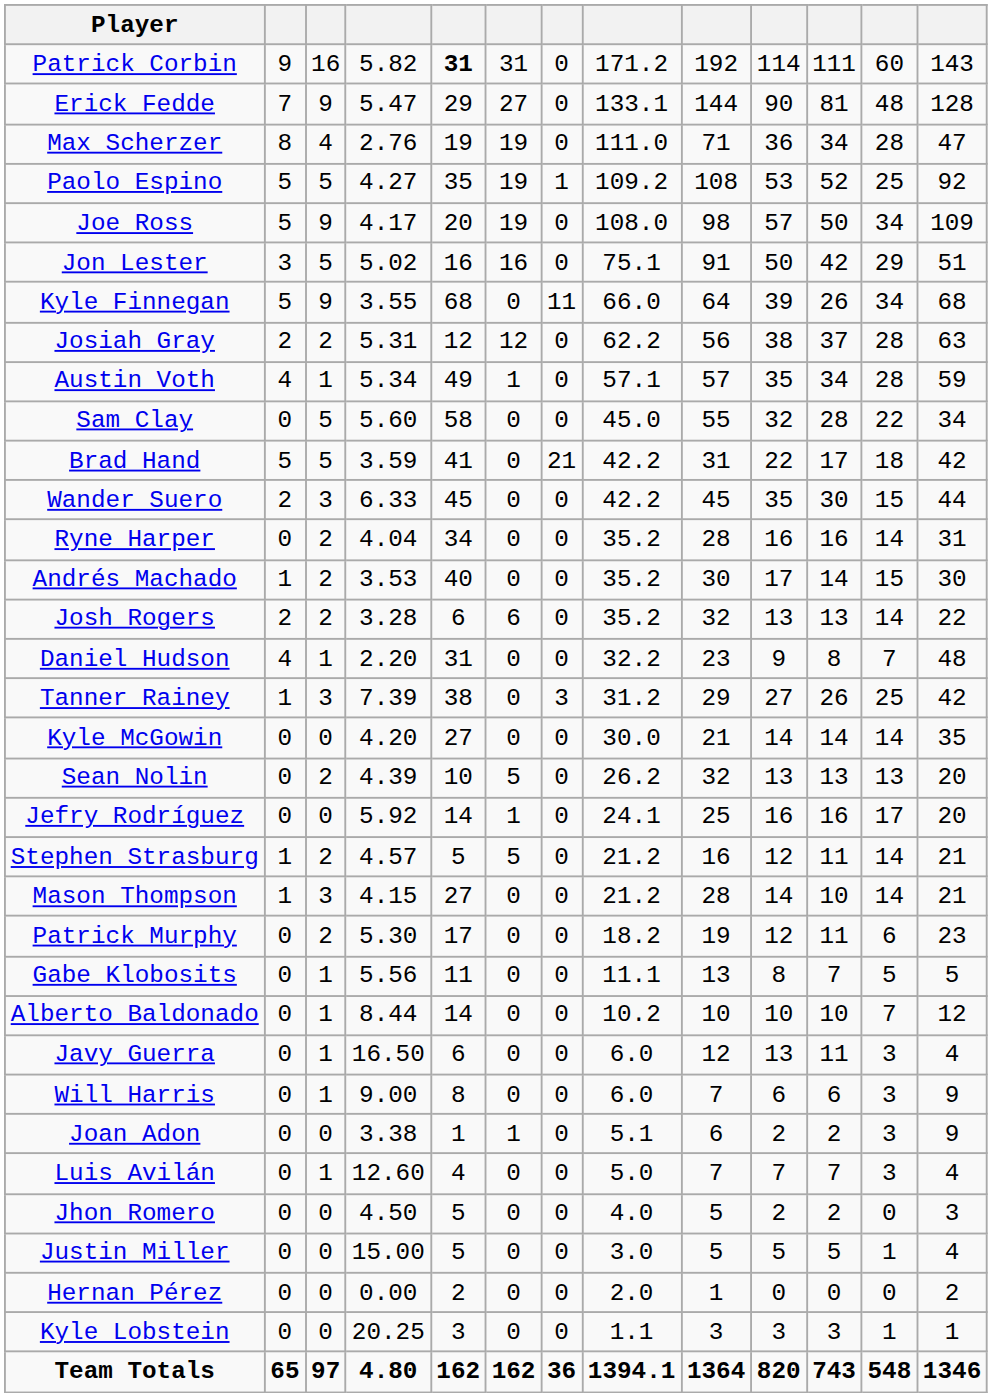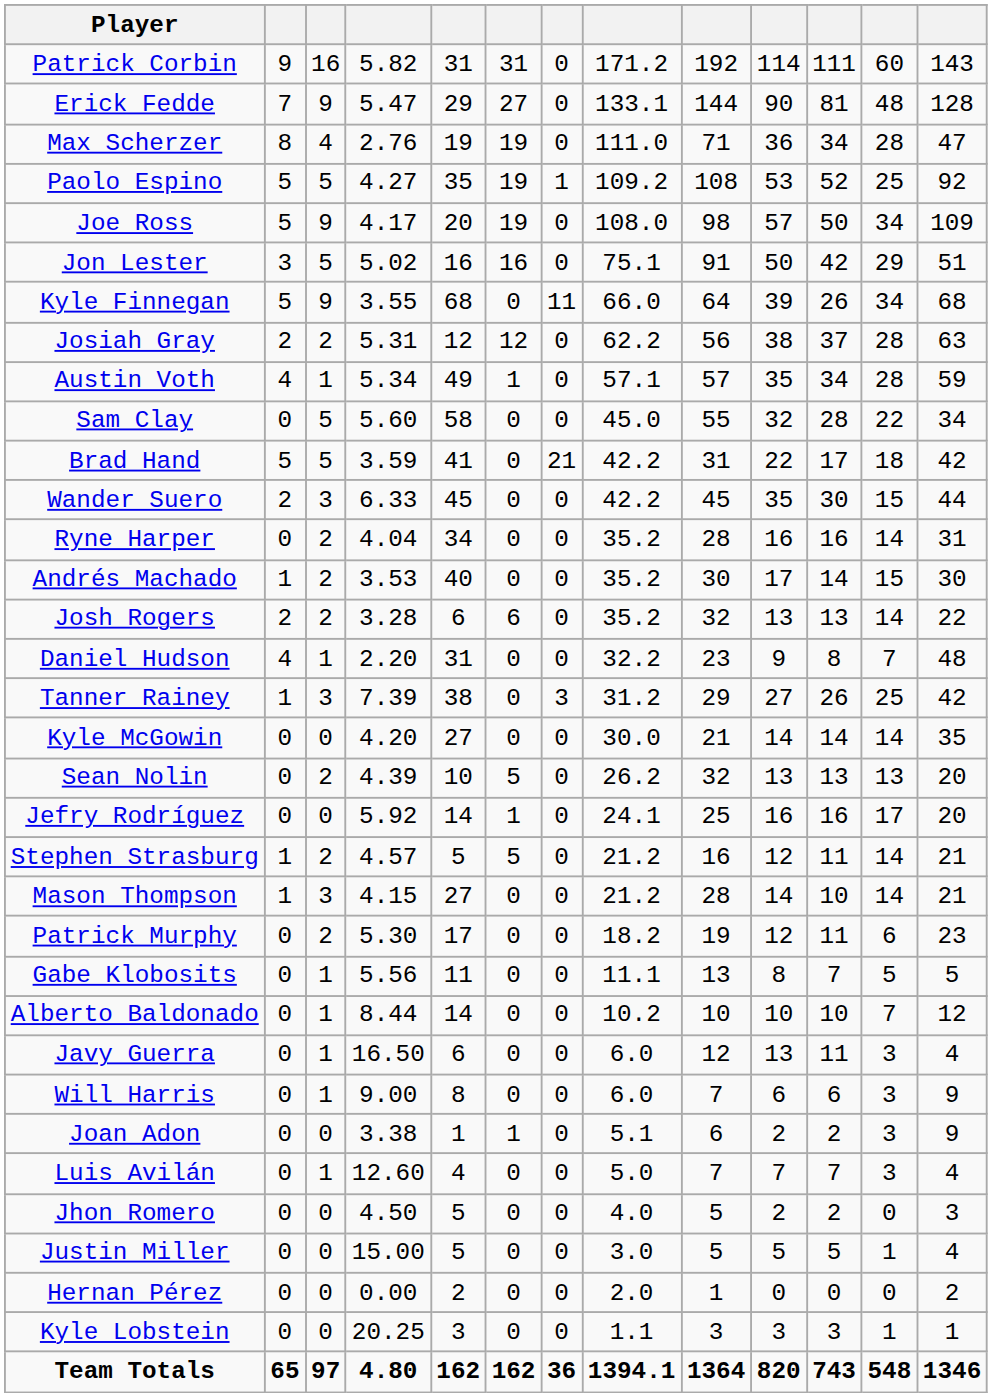 <table class="wikitable sortable" style="text-align:center;">
 <tr>
 <th>Player</th>
 <th></th>
 <th></th>
 <th></th>
 <th></th>
 <th></th>
 <th></th>
 <th></th>
 <th></th>
 <th></th>
 <th></th>
 <th></th>
 <th></th>
 </tr>
 <tr>
 <td><a href='#'>Patrick Corbin</a></td>
 <td>9</td>
 <td>16</td>
 <td>5.82</td>
-<td><strong>31</strong></td>
+<td>31</td>
 <td>31</td>
 <td>0</td>
 <td>171.2</td>
 <td>192</td>
 <td>114</td>
 <td>111</td>
 <td>60</td>
 <td>143</td>
 </tr>
 <tr>
 <td><a href='#'>Erick Fedde</a></td>
 <td>7</td>
 <td>9</td>
 <td>5.47</td>
 <td>29</td>
 <td>27</td>
 <td>0</td>
 <td>133.1</td>
 <td>144</td>
 <td>90</td>
 <td>81</td>
 <td>48</td>
 <td>128</td>
 </tr>
 <tr>
 <td><a href='#'>Max Scherzer</a></td>
 <td>8</td>
 <td>4</td>
 <td>2.76</td>
 <td>19</td>
 <td>19</td>
 <td>0</td>
 <td>111.0</td>
 <td>71</td>
 <td>36</td>
 <td>34</td>
 <td>28</td>
 <td>47</td>
 </tr>
 <tr>
 <td><a href='#'>Paolo Espino</a></td>
 <td>5</td>
 <td>5</td>
 <td>4.27</td>
 <td>35</td>
 <td>19</td>
 <td>1</td>
 <td>109.2</td>
 <td>108</td>
 <td>53</td>
 <td>52</td>
 <td>25</td>
 <td>92</td>
 </tr>
 <tr>
 <td><a href='#'>Joe Ross</a></td>
 <td>5</td>
 <td>9</td>
 <td>4.17</td>
 <td>20</td>
 <td>19</td>
 <td>0</td>
 <td>108.0</td>
 <td>98</td>
 <td>57</td>
 <td>50</td>
 <td>34</td>
 <td>109</td>
 </tr>
 <tr>
 <td><a href='#'>Jon Lester</a></td>
 <td>3</td>
 <td>5</td>
 <td>5.02</td>
 <td>16</td>
 <td>16</td>
 <td>0</td>
 <td>75.1</td>
 <td>91</td>
 <td>50</td>
 <td>42</td>
 <td>29</td>
 <td>51</td>
 </tr>
 <tr>
 <td><a href='#'>Kyle Finnegan</a></td>
 <td>5</td>
 <td>9</td>
 <td>3.55</td>
 <td>68</td>
 <td>0</td>
 <td>11</td>
 <td>66.0</td>
 <td>64</td>
 <td>39</td>
 <td>26</td>
 <td>34</td>
 <td>68</td>
 </tr>
 <tr>
 <td><a href='#'>Josiah Gray</a></td>
 <td>2</td>
 <td>2</td>
 <td>5.31</td>
 <td>12</td>
 <td>12</td>
 <td>0</td>
 <td>62.2</td>
 <td>56</td>
 <td>38</td>
 <td>37</td>
 <td>28</td>
 <td>63</td>
 </tr>
 <tr>
 <td><a href='#'>Austin Voth</a></td>
 <td>4</td>
 <td>1</td>
 <td>5.34</td>
 <td>49</td>
 <td>1</td>
 <td>0</td>
 <td>57.1</td>
 <td>57</td>
 <td>35</td>
 <td>34</td>
 <td>28</td>
 <td>59</td>
 </tr>
 <tr>
 <td><a href='#'>Sam Clay</a></td>
 <td>0</td>
 <td>5</td>
 <td>5.60</td>
 <td>58</td>
 <td>0</td>
 <td>0</td>
 <td>45.0</td>
 <td>55</td>
 <td>32</td>
 <td>28</td>
 <td>22</td>
 <td>34</td>
 </tr>
 <tr>
 <td><a href='#'>Brad Hand</a></td>
 <td>5</td>
 <td>5</td>
 <td>3.59</td>
 <td>41</td>
 <td>0</td>
 <td>21</td>
 <td>42.2</td>
 <td>31</td>
 <td>22</td>
 <td>17</td>
 <td>18</td>
 <td>42</td>
 </tr>
 <tr>
 <td><a href='#'>Wander Suero</a></td>
 <td>2</td>
 <td>3</td>
 <td>6.33</td>
 <td>45</td>
 <td>0</td>
 <td>0</td>
 <td>42.2</td>
 <td>45</td>
 <td>35</td>
 <td>30</td>
 <td>15</td>
 <td>44</td>
 </tr>
 <tr>
 <td><a href='#'>Ryne Harper</a></td>
 <td>0</td>
 <td>2</td>
 <td>4.04</td>
 <td>34</td>
 <td>0</td>
 <td>0</td>
 <td>35.2</td>
 <td>28</td>
 <td>16</td>
 <td>16</td>
 <td>14</td>
 <td>31</td>
 </tr>
 <tr>
 <td><a href='#'>Andrés Machado</a></td>
 <td>1</td>
 <td>2</td>
 <td>3.53</td>
 <td>40</td>
 <td>0</td>
 <td>0</td>
 <td>35.2</td>
 <td>30</td>
 <td>17</td>
 <td>14</td>
 <td>15</td>
 <td>30</td>
 </tr>
 <tr>
 <td><a href='#'>Josh Rogers</a></td>
 <td>2</td>
 <td>2</td>
 <td>3.28</td>
 <td>6</td>
 <td>6</td>
 <td>0</td>
 <td>35.2</td>
 <td>32</td>
 <td>13</td>
 <td>13</td>
 <td>14</td>
 <td>22</td>
 </tr>
 <tr>
 <td><a href='#'>Daniel Hudson</a></td>
 <td>4</td>
 <td>1</td>
 <td>2.20</td>
 <td>31</td>
 <td>0</td>
 <td>0</td>
 <td>32.2</td>
 <td>23</td>
 <td>9</td>
 <td>8</td>
 <td>7</td>
 <td>48</td>
 </tr>
 <tr>
 <td><a href='#'>Tanner Rainey</a></td>
 <td>1</td>
 <td>3</td>
 <td>7.39</td>
 <td>38</td>
 <td>0</td>
 <td>3</td>
 <td>31.2</td>
 <td>29</td>
 <td>27</td>
 <td>26</td>
 <td>25</td>
 <td>42</td>
 </tr>
 <tr>
 <td><a href='#'>Kyle McGowin</a></td>
 <td>0</td>
 <td>0</td>
 <td>4.20</td>
 <td>27</td>
 <td>0</td>
 <td>0</td>
 <td>30.0</td>
 <td>21</td>
 <td>14</td>
 <td>14</td>
 <td>14</td>
 <td>35</td>
 </tr>
 <tr>
 <td><a href='#'>Sean Nolin</a></td>
 <td>0</td>
 <td>2</td>
 <td>4.39</td>
 <td>10</td>
 <td>5</td>
 <td>0</td>
 <td>26.2</td>
 <td>32</td>
 <td>13</td>
 <td>13</td>
 <td>13</td>
 <td>20</td>
 </tr>
 <tr>
 <td><a href='#'>Jefry Rodríguez</a></td>
 <td>0</td>
 <td>0</td>
 <td>5.92</td>
 <td>14</td>
 <td>1</td>
 <td>0</td>
 <td>24.1</td>
 <td>25</td>
 <td>16</td>
 <td>16</td>
 <td>17</td>
 <td>20</td>
 </tr>
 <tr>
 <td><a href='#'>Stephen Strasburg</a></td>
 <td>1</td>
 <td>2</td>
 <td>4.57</td>
 <td>5</td>
 <td>5</td>
 <td>0</td>
 <td>21.2</td>
 <td>16</td>
 <td>12</td>
 <td>11</td>
 <td>14</td>
 <td>21</td>
 </tr>
 <tr>
 <td><a href='#'>Mason Thompson</a></td>
 <td>1</td>
 <td>3</td>
 <td>4.15</td>
 <td>27</td>
 <td>0</td>
 <td>0</td>
 <td>21.2</td>
 <td>28</td>
 <td>14</td>
 <td>10</td>
 <td>14</td>
 <td>21</td>
 </tr>
 <tr>
 <td><a href='#'>Patrick Murphy</a></td>
 <td>0</td>
 <td>2</td>
 <td>5.30</td>
 <td>17</td>
 <td>0</td>
 <td>0</td>
 <td>18.2</td>
 <td>19</td>
 <td>12</td>
 <td>11</td>
 <td>6</td>
 <td>23</td>
 </tr>
 <tr>
 <td><a href='#'>Gabe Klobosits</a></td>
 <td>0</td>
 <td>1</td>
 <td>5.56</td>
 <td>11</td>
 <td>0</td>
 <td>0</td>
 <td>11.1</td>
 <td>13</td>
 <td>8</td>
 <td>7</td>
 <td>5</td>
 <td>5</td>
 </tr>
 <tr>
 <td><a href='#'>Alberto Baldonado</a></td>
 <td>0</td>
 <td>1</td>
 <td>8.44</td>
 <td>14</td>
 <td>0</td>
 <td>0</td>
 <td>10.2</td>
 <td>10</td>
 <td>10</td>
 <td>10</td>
 <td>7</td>
 <td>12</td>
 </tr>
 <tr>
 <td><a href='#'>Javy Guerra</a></td>
 <td>0</td>
 <td>1</td>
 <td>16.50</td>
 <td>6</td>
 <td>0</td>
 <td>0</td>
 <td>6.0</td>
 <td>12</td>
 <td>13</td>
 <td>11</td>
 <td>3</td>
 <td>4</td>
 </tr>
 <tr>
 <td><a href='#'>Will Harris</a></td>
 <td>0</td>
 <td>1</td>
 <td>9.00</td>
 <td>8</td>
 <td>0</td>
 <td>0</td>
 <td>6.0</td>
 <td>7</td>
 <td>6</td>
 <td>6</td>
 <td>3</td>
 <td>9</td>
 </tr>
 <tr>
 <td><a href='#'>Joan Adon</a></td>
 <td>0</td>
 <td>0</td>
 <td>3.38</td>
 <td>1</td>
 <td>1</td>
 <td>0</td>
 <td>5.1</td>
 <td>6</td>
 <td>2</td>
 <td>2</td>
 <td>3</td>
 <td>9</td>
 </tr>
 <tr>
 <td><a href='#'>Luis Avilán</a></td>
 <td>0</td>
 <td>1</td>
 <td>12.60</td>
 <td>4</td>
 <td>0</td>
 <td>0</td>
 <td>5.0</td>
 <td>7</td>
 <td>7</td>
 <td>7</td>
 <td>3</td>
 <td>4</td>
 </tr>
 <tr>
 <td><a href='#'>Jhon Romero</a></td>
 <td>0</td>
 <td>0</td>
 <td>4.50</td>
 <td>5</td>
 <td>0</td>
 <td>0</td>
 <td>4.0</td>
 <td>5</td>
 <td>2</td>
 <td>2</td>
 <td>0</td>
 <td>3</td>
 </tr>
 <tr>
 <td><a href='#'>Justin Miller</a></td>
 <td>0</td>
 <td>0</td>
 <td>15.00</td>
 <td>5</td>
 <td>0</td>
 <td>0</td>
 <td>3.0</td>
 <td>5</td>
 <td>5</td>
 <td>5</td>
 <td>1</td>
 <td>4</td>
 </tr>
 <tr>
 <td><a href='#'>Hernan Pérez</a></td>
 <td>0</td>
 <td>0</td>
 <td>0.00</td>
 <td>2</td>
 <td>0</td>
 <td>0</td>
 <td>2.0</td>
 <td>1</td>
 <td>0</td>
 <td>0</td>
 <td>0</td>
 <td>2</td>
 </tr>
 <tr>
 <td><a href='#'>Kyle Lobstein</a></td>
 <td>0</td>
 <td>0</td>
 <td>20.25</td>
 <td>3</td>
 <td>0</td>
 <td>0</td>
 <td>1.1</td>
 <td>3</td>
 <td>3</td>
 <td>3</td>
 <td>1</td>
 <td>1</td>
 </tr>
 <tr>
 <td><strong>Team Totals</strong></td>
 <td><strong>65</strong></td>
 <td><strong>97</strong></td>
 <td><strong>4.80</strong></td>
 <td><strong>162</strong></td>
 <td><strong>162</strong></td>
 <td><strong>36</strong></td>
 <td><strong>1394.1</strong></td>
 <td><strong>1364</strong></td>
 <td><strong>820</strong></td>
 <td><strong>743</strong></td>
 <td><strong>548</strong></td>
 <td><strong>1346</strong></td>
 </tr>
 </table>
